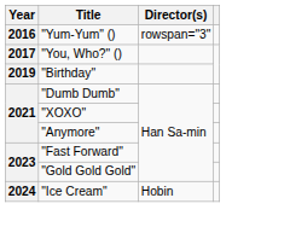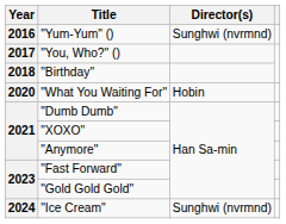 <table class="wikitable plainrowheaders sortable">
 <tr>
 <th scope="col">Year</th>
 <th scope="col">Title</th>
 <th scope="col">Director(s)</th>
 <th scope="col" class="unsortable"></th>
 </tr>
 <tr>
 <th scope="row">2016</th>
 <td>"Yum-Yum" ()</td>
-<td>rowspan="3" </td>
+<td>Sunghwi (nvrmnd)</td>
 <td style="text-align:center"></td>
 </tr>
 <tr>
 <th scope="row">2017</th>
 <td>"You, Who?" ()<br></td>
 <td style="text-align:center"></td>
 </tr>
 <tr>
-<th scope="row">2019</th>
+<th scope="row">2018</th>
 <td>"Birthday"</td>
+<td style="text-align:center"></td>
+</tr>
+<tr>
+<th scope="row">2020</th>
+<td>"What You Waiting For"</td>
+<td>Hobin</td>
 <td style="text-align:center"></td>
 </tr>
 <tr>
 <th scope="row" rowspan="3">2021</th>
 <td>"Dumb Dumb"</td>
 <td rowspan="5">Han Sa-min</td>
 <td style="text-align:center"></td>
 </tr>
 <tr>
 <td>"XOXO"</td>
 <td style="text-align:center"></td>
 </tr>
 <tr>
 <td>"Anymore"</td>
 <td style="text-align:center"></td>
 </tr>
 <tr>
 <th scope="row" rowspan="2">2023</th>
 <td>"Fast Forward"</td>
 <td style="text-align:center"></td>
 </tr>
 <tr>
 <td>"Gold Gold Gold"</td>
 <td style="text-align:center"></td>
 </tr>
 <tr>
 <th scope="row">2024</th>
 <td>"Ice Cream"</td>
-<td>Hobin</td>
+<td>Sunghwi (nvrmnd)</td>
 <td style="text-align:center"></td>
 </tr>
 </table>
